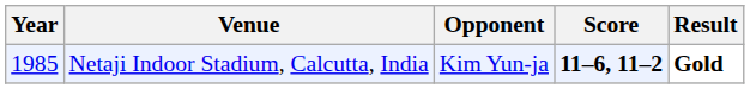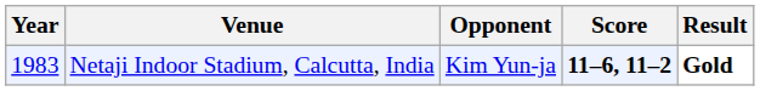 <table class="sortable wikitable" style="font-size: 90%;">
 <tr>
 <th>Year</th>
 <th>Venue</th>
 <th>Opponent</th>
 <th>Score</th>
 <th>Result</th>
 </tr>
 <tr style="background:#ECF2FF">
-<td align="center"><a href='#'>1985</a></td>
+<td align="center"><a href='#'>1983</a></td>
 <td align="left"><a href='#'>Netaji Indoor Stadium</a>, <a href='#'>Calcutta</a>, <a href='#'>India</a></td>
 <td align="left"> <a href='#'>Kim Yun-ja</a></td>
 <td align="left"><strong>11–6, 11–2</strong></td>
 <td style="text-align:left; background: white"> <strong>Gold</strong></td>
 </tr>
 </table>
